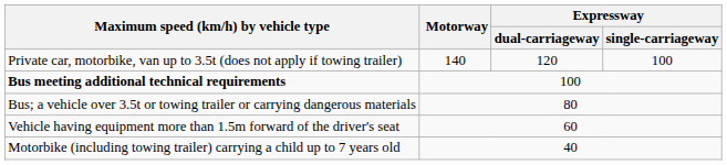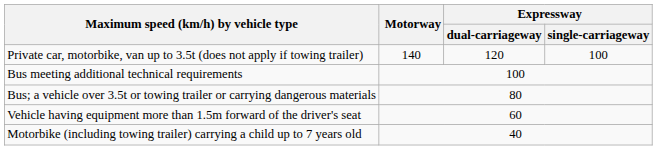 <table class="wikitable">
 <tr>
 <th rowspan=2>Maximum speed (km/h) by vehicle type</th>
 <th rowspan=2> Motorway</th>
 <th colspan=2> Expressway</th>
 </tr>
 <tr>
 <th>dual-carriageway</th>
 <th>single-carriageway</th>
 </tr>
 <tr>
 <td>Private car, motorbike, van up to 3.5t (does not apply if towing trailer)</td>
 <td style="text-align:center;">140</td>
 <td style="text-align:center;">120</td>
 <td style="text-align:center;">100</td>
 </tr>
 <tr>
-<td><strong>Bus meeting additional technical requirements</strong></td>
+<td>Bus meeting additional technical requirements</td>
 <td colspan=3 style="text-align:center;">100</td>
 </tr>
 <tr>
 <td>Bus; a vehicle over 3.5t or towing trailer or carrying dangerous materials</td>
 <td colspan=3 style="text-align:center;">80</td>
 </tr>
 <tr>
 <td>Vehicle having equipment more than 1.5m forward of the driver's seat</td>
 <td colspan=3 style="text-align:center;">60</td>
 </tr>
 <tr>
 <td>Motorbike (including towing trailer) carrying a child up to 7 years old</td>
 <td colspan=3 style="text-align:center;">40</td>
 </tr>
 </table>
